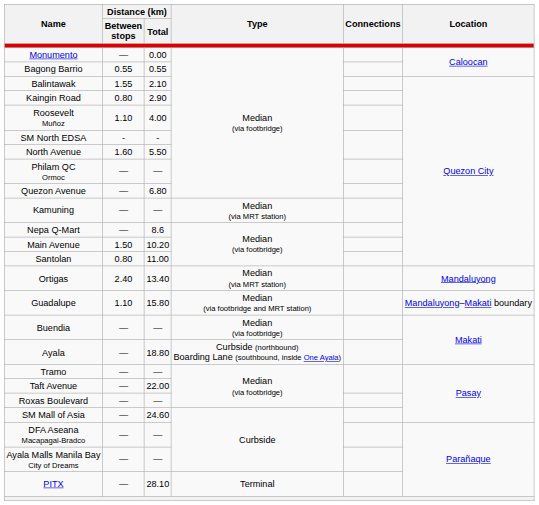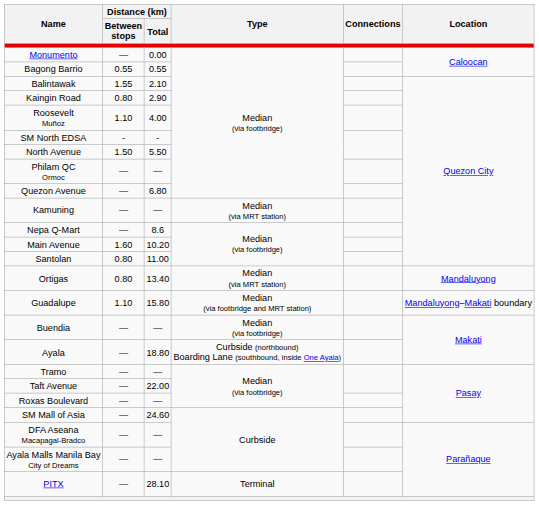 <table class="wikitable collapsible" style="font-size: 95%; text-align:center;">
 <tr>
 <th rowspan="2">Name</th>
 <th colspan="2">Distance (km)</th>
 <th rowspan="2">Type</th>
 <th rowspan="2">Connections</th>
 <th rowspan="2">Location</th>
 </tr>
 <tr>
 <th>Between<br>stops</th>
 <th>Total</th>
 </tr>
 <tr style = "background:#e00000; height: 2pt">
 <td colspan="8"></td>
 </tr>
 <tr>
 <td style="white-space: nowrap;"><a href='#'>Monumento</a></td>
 <td>—</td>
 <td>0.00</td>
 <td rowspan=9>Median<br><small>(via footbridge)</small></td>
 <td style="text-align:left"><br></td>
 <td rowspan="2"><a href='#'>Caloocan</a></td>
 </tr>
 <tr>
 <td style="white-space: nowrap;">Bagong Barrio</td>
 <td>0.55</td>
 <td>0.55</td>
 <td style="text-align:left"></td>
 </tr>
 <tr>
 <td>Balintawak</td>
 <td>1.55</td>
 <td>2.10</td>
 <td style="text-align:left"><br></td>
 <td rowspan="11"><a href='#'>Quezon City</a></td>
 </tr>
 <tr>
 <td>Kaingin Road</td>
 <td>0.80</td>
 <td>2.90</td>
 <td></td>
 </tr>
 <tr>
 <td>Roosevelt<br><small>Muñoz</small></td>
 <td>1.10</td>
 <td>4.00</td>
 <td style="text-align:left"><br></td>
 </tr>
 <tr>
 <td>SM North EDSA</td>
 <td>-</td>
 <td>-</td>
 <td rowspan="2"><br><br></td>
 </tr>
 <tr>
 <td>North Avenue</td>
-<td>1.60</td>
+<td>1.50</td>
 <td>5.50</td>
 </tr>
 <tr>
 <td>Philam QC<br><small>Ormoc</small></td>
 <td>—</td>
 <td>—</td>
 <td style="text-align:left"></td>
 </tr>
 <tr>
 <td>Quezon Avenue</td>
 <td>—</td>
 <td>6.80</td>
 <td style="text-align:left"><br></td>
 </tr>
 <tr>
 <td>Kamuning</td>
 <td>—</td>
 <td>—</td>
 <td>Median<br><small>(via MRT station)</small></td>
 <td style="text-align:left"></td>
 </tr>
 <tr>
 <td>Nepa Q-Mart</td>
 <td>—</td>
 <td>8.6</td>
 <td rowspan="3">Median<br><small>(via footbridge)</small></td>
 <td style="text-align:left"></td>
 </tr>
 <tr>
 <td>Main Avenue</td>
-<td>1.50</td>
+<td>1.60</td>
 <td>10.20</td>
 <td></td>
 </tr>
 <tr>
 <td>Santolan</td>
 <td>0.80</td>
 <td>11.00</td>
 <td style="text-align:left"></td>
 </tr>
 <tr>
 <td>Ortigas</td>
-<td>2.40</td>
+<td>0.80</td>
 <td>13.40</td>
 <td>Median<br><small>(via MRT station)</small></td>
 <td style="text-align:left"><br></td>
 <td><a href='#'>Mandaluyong</a></td>
 </tr>
 <tr>
 <td>Guadalupe</td>
 <td>1.10</td>
 <td>15.80</td>
 <td>Median<br><small>(via footbridge and MRT station)</small></td>
 <td style="text-align:left"><br> </td>
 <td><a href='#'>Mandaluyong</a>–<a href='#'>Makati</a> boundary</td>
 </tr>
 <tr>
 <td>Buendia</td>
 <td>—</td>
 <td>—</td>
 <td>Median<br><small>(via footbridge)</small></td>
 <td style="text-align:left"><br></td>
 <td rowspan="2"><a href='#'>Makati</a></td>
 </tr>
 <tr>
 <td>Ayala</td>
 <td>—</td>
 <td>18.80</td>
 <td>Curbside <small>(northbound)</small><br>Boarding Lane <small>(southbound, inside <a href='#'>One Ayala</a>)</small></td>
 <td style="text-align:left"><br><br></td>
 </tr>
 <tr>
 <td>Tramo</td>
 <td>—</td>
 <td>—</td>
 <td rowspan="3">Median<br><small>(via footbridge)</small></td>
 <td rowspan="2"></td>
 <td rowspan="4"><a href='#'>Pasay</a></td>
 </tr>
 <tr>
 <td>Taft Avenue</td>
 <td>—</td>
 <td>22.00</td>
 </tr>
 <tr>
 <td>Roxas Boulevard</td>
 <td>—</td>
 <td>—</td>
 <td style="text-align:left"></td>
 </tr>
 <tr>
 <td>SM Mall of Asia</td>
 <td>—</td>
 <td>24.60</td>
 <td rowspan="3">Curbside</td>
 <td style="text-align:left"></td>
 </tr>
 <tr>
 <td style="white-space: nowrap;">DFA Aseana<br><small>Macapagal-Bradco</small></td>
 <td>—</td>
 <td>—</td>
 <td></td>
 <td rowspan="3"><a href='#'>Parañaque</a></td>
 </tr>
 <tr>
 <td style="white-space: nowrap;">Ayala Malls Manila Bay<br><small>City of Dreams</small></td>
 <td>—</td>
 <td>—</td>
 <td></td>
 </tr>
 <tr>
 <td><a href='#'>PITX</a></td>
 <td>—</td>
 <td>28.10</td>
 <td>Terminal</td>
 <td style="text-align:left"><br><br></td>
 </tr>
 <tr>
 <th colspan="6"></th>
 </tr>
 </table>
